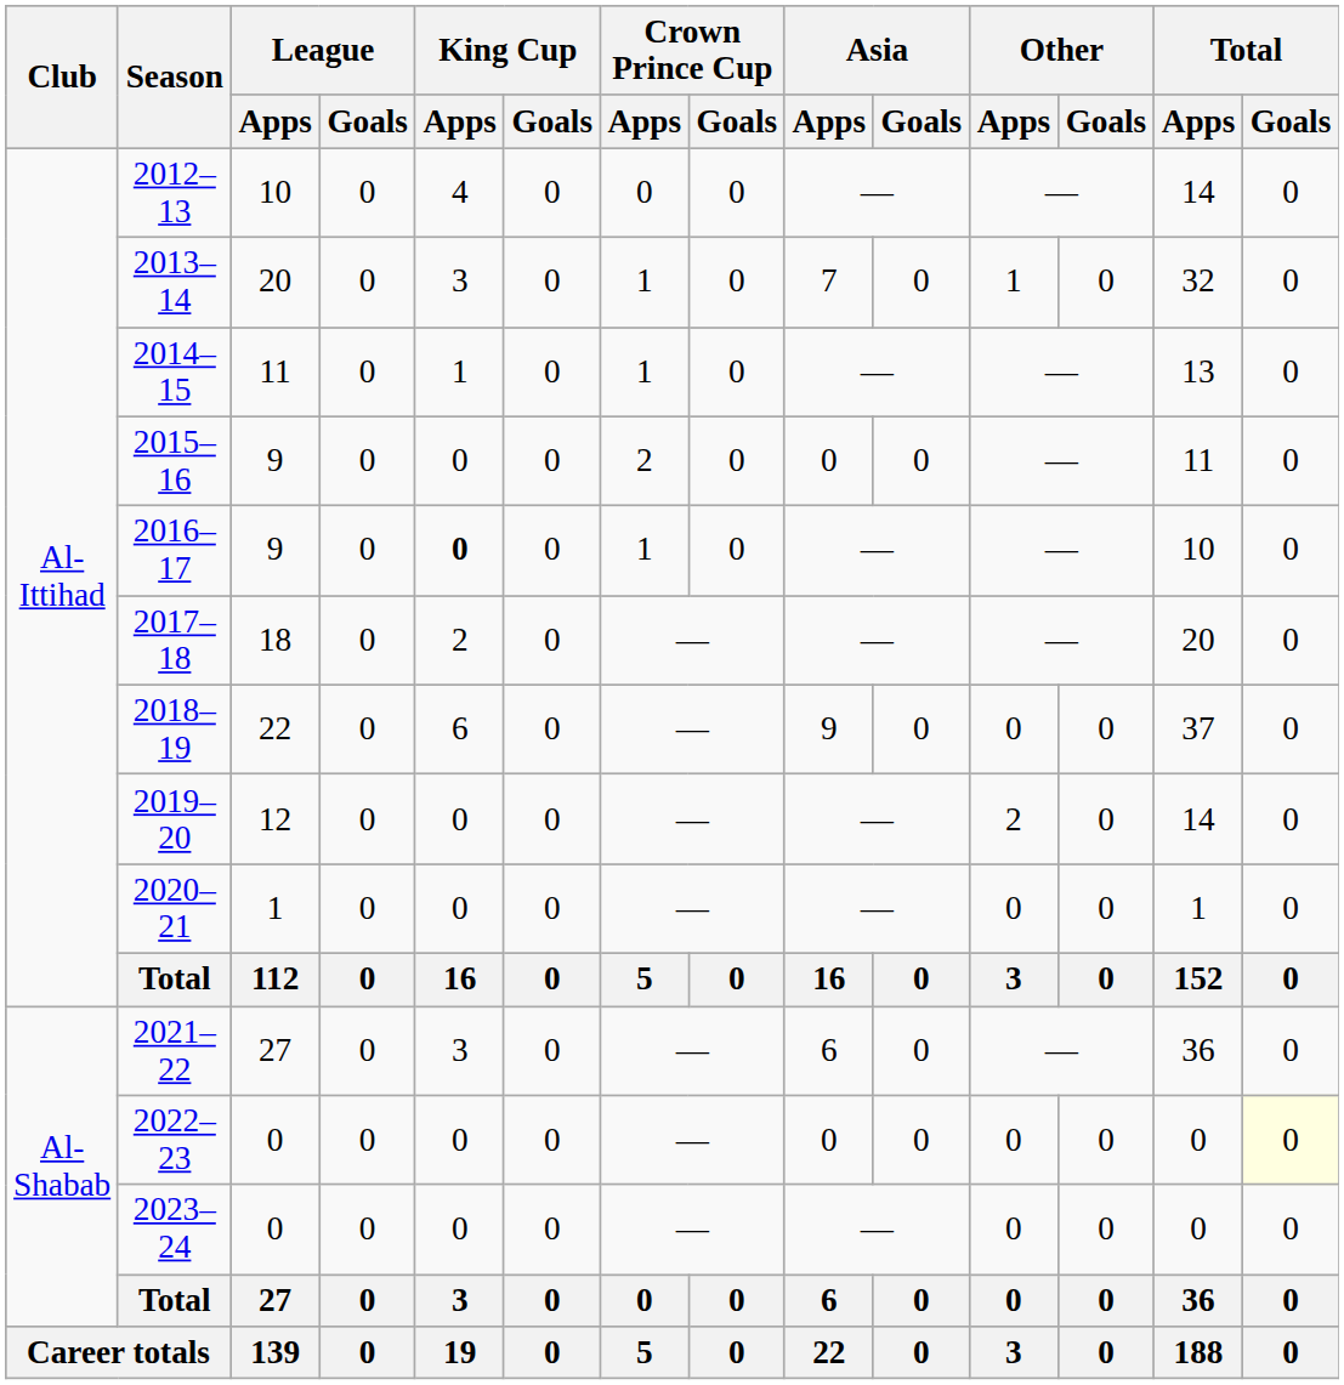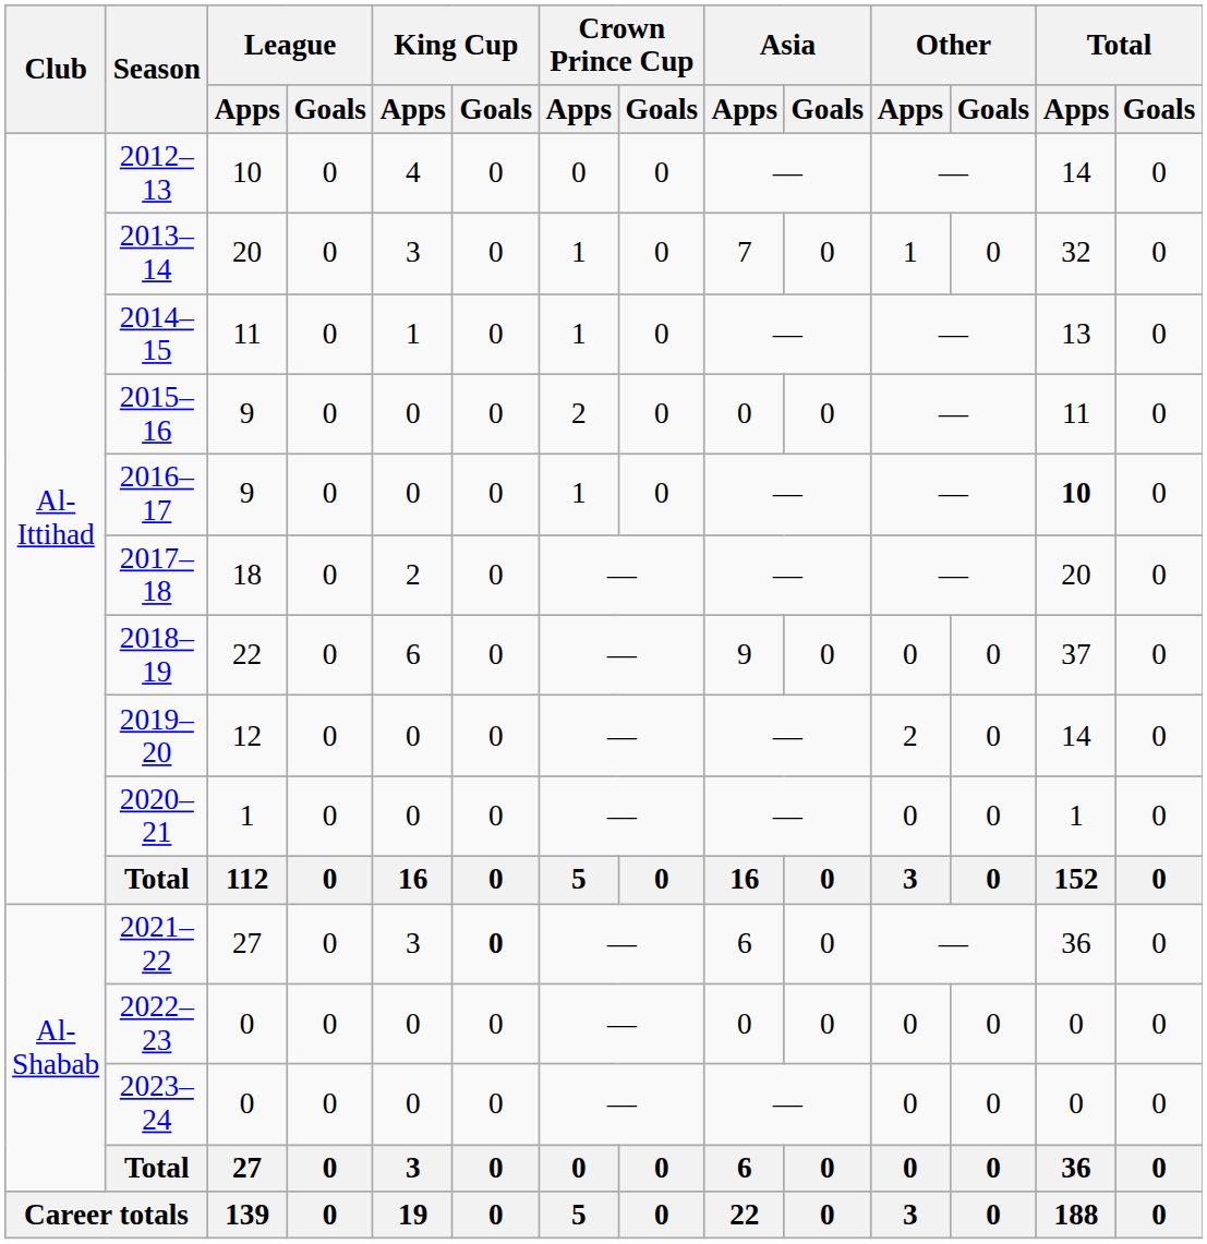 <table class="wikitable" style="text-align: center">
 <tr>
 <th rowspan=2>Club</th>
 <th rowspan=2>Season</th>
 <th colspan=2>League</th>
 <th colspan=2>King Cup</th>
 <th colspan=2>Crown Prince Cup</th>
 <th colspan=2>Asia</th>
 <th colspan=2>Other</th>
 <th colspan=2>Total</th>
 </tr>
 <tr>
 <th>Apps</th>
 <th>Goals</th>
 <th>Apps</th>
 <th>Goals</th>
 <th>Apps</th>
 <th>Goals</th>
 <th>Apps</th>
 <th>Goals</th>
 <th>Apps</th>
 <th>Goals</th>
 <th>Apps</th>
 <th>Goals</th>
 </tr>
 <tr>
 <td rowspan=10><a href='#'>Al-Ittihad</a></td>
 <td><a href='#'>2012–13</a></td>
 <td>10</td>
 <td>0</td>
 <td>4</td>
 <td>0</td>
 <td>0</td>
 <td>0</td>
 <td colspan=2>—</td>
 <td colspan=2>—</td>
 <td>14</td>
 <td>0</td>
 </tr>
 <tr>
 <td><a href='#'>2013–14</a></td>
 <td>20</td>
 <td>0</td>
 <td>3</td>
 <td>0</td>
 <td>1</td>
 <td>0</td>
 <td>7</td>
 <td>0</td>
 <td>1</td>
 <td>0</td>
 <td>32</td>
 <td>0</td>
 </tr>
 <tr>
 <td><a href='#'>2014–15</a></td>
 <td>11</td>
 <td>0</td>
 <td>1</td>
 <td>0</td>
 <td>1</td>
 <td>0</td>
 <td colspan=2>—</td>
 <td colspan=2>—</td>
 <td>13</td>
 <td>0</td>
 </tr>
 <tr>
 <td><a href='#'>2015–16</a></td>
 <td>9</td>
 <td>0</td>
 <td>0</td>
 <td>0</td>
 <td>2</td>
 <td>0</td>
 <td>0</td>
 <td>0</td>
 <td colspan=2>—</td>
 <td>11</td>
 <td>0</td>
 </tr>
 <tr>
 <td><a href='#'>2016–17</a></td>
 <td>9</td>
 <td>0</td>
-<td><strong>0</strong></td>
+<td>0</td>
 <td>0</td>
 <td>1</td>
 <td>0</td>
 <td colspan=2>—</td>
 <td colspan=2>—</td>
-<td>10</td>
+<td><strong>10</strong></td>
 <td>0</td>
 </tr>
 <tr>
 <td><a href='#'>2017–18</a></td>
 <td>18</td>
 <td>0</td>
 <td>2</td>
 <td>0</td>
 <td colspan=2>—</td>
 <td colspan=2>—</td>
 <td colspan=2>—</td>
 <td>20</td>
 <td>0</td>
 </tr>
 <tr>
 <td><a href='#'>2018–19</a></td>
 <td>22</td>
 <td>0</td>
 <td>6</td>
 <td>0</td>
 <td colspan=2>—</td>
 <td>9</td>
 <td>0</td>
 <td>0</td>
 <td>0</td>
 <td>37</td>
 <td>0</td>
 </tr>
 <tr>
 <td><a href='#'>2019–20</a></td>
 <td>12</td>
 <td>0</td>
 <td>0</td>
 <td>0</td>
 <td colspan=2>—</td>
 <td colspan=2>—</td>
 <td>2</td>
 <td>0</td>
 <td>14</td>
 <td>0</td>
 </tr>
 <tr>
 <td><a href='#'>2020–21</a></td>
 <td>1</td>
 <td>0</td>
 <td>0</td>
 <td>0</td>
 <td colspan=2>—</td>
 <td colspan=2>—</td>
 <td>0</td>
 <td>0</td>
 <td>1</td>
 <td>0</td>
 </tr>
 <tr>
 <th>Total</th>
 <th>112</th>
 <th>0</th>
 <th>16</th>
 <th>0</th>
 <th>5</th>
 <th>0</th>
 <th>16</th>
 <th>0</th>
 <th>3</th>
 <th>0</th>
 <th>152</th>
 <th>0</th>
 </tr>
 <tr>
 <td rowspan=4><a href='#'>Al-Shabab</a></td>
 <td><a href='#'>2021–22</a></td>
 <td>27</td>
 <td>0</td>
 <td>3</td>
-<td>0</td>
+<td><strong>0</strong></td>
 <td colspan=2>—</td>
 <td>6</td>
 <td>0</td>
 <td colspan=2>—</td>
 <td>36</td>
 <td>0</td>
 </tr>
 <tr>
 <td><a href='#'>2022–23</a></td>
 <td>0</td>
 <td>0</td>
 <td>0</td>
 <td>0</td>
 <td colspan=2>—</td>
 <td>0</td>
 <td>0</td>
 <td>0</td>
 <td>0</td>
 <td>0</td>
-<td style="background: lightyellow;">0</td>
+<td>0</td>
 </tr>
 <tr>
 <td><a href='#'>2023–24</a></td>
 <td>0</td>
 <td>0</td>
 <td>0</td>
 <td>0</td>
 <td colspan=2>—</td>
 <td colspan=2>—</td>
 <td>0</td>
 <td>0</td>
 <td>0</td>
 <td>0</td>
 </tr>
 <tr>
 <th>Total</th>
 <th>27</th>
 <th>0</th>
 <th>3</th>
 <th>0</th>
 <th>0</th>
 <th>0</th>
 <th>6</th>
 <th>0</th>
 <th>0</th>
 <th>0</th>
 <th>36</th>
 <th>0</th>
 </tr>
 <tr>
 <th colspan=2>Career totals</th>
 <th>139</th>
 <th>0</th>
 <th>19</th>
 <th>0</th>
 <th>5</th>
 <th>0</th>
 <th>22</th>
 <th>0</th>
 <th>3</th>
 <th>0</th>
 <th>188</th>
 <th>0</th>
 </tr>
 </table>
